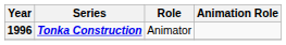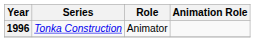 <table class="wikitable plainrowheaders sortable">
 <tr>
 <th scope="col">Year</th>
 <th scope="col">Series</th>
 <th scope="col">Role</th>
 <th scope="col">Animation Role</th>
 </tr>
 <tr>
 <th scope=row>1996</th>
-<td><strong><em><a href='#'>Tonka Construction</a></em></strong></td>
+<td><em><a href='#'>Tonka Construction</a></em></td>
 <td>Animator</td>
 <td></td>
 </tr>
 <tr>
 </tr>
 </table>
